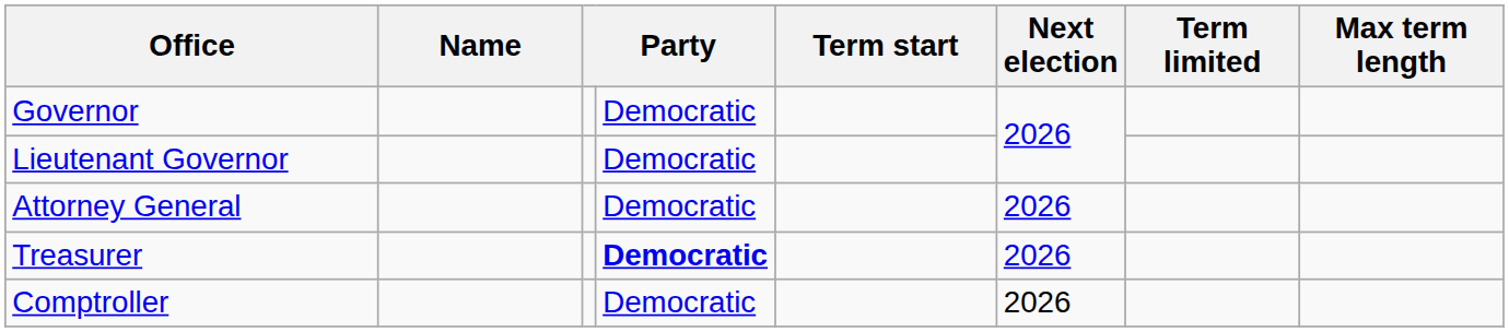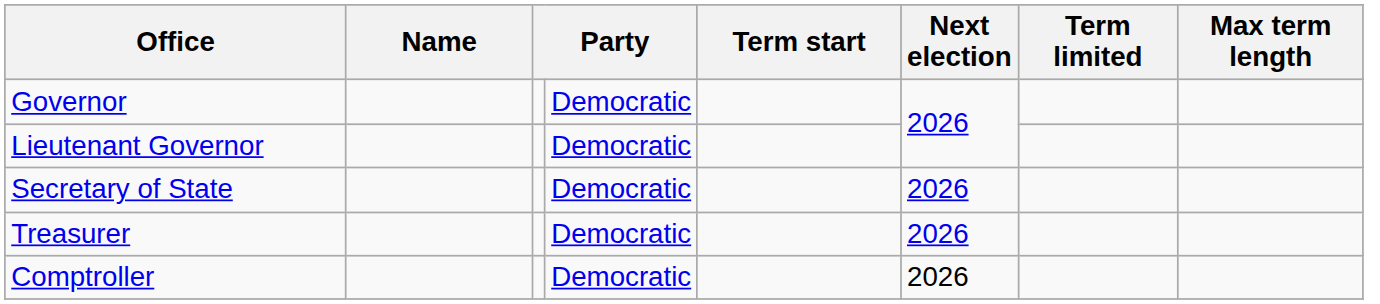 <table class="sortable wikitable">
 <tr>
 <th scope="col" width=190>Office</th>
 <th scope="col" width=100>Name</th>
 <th scope="col" width=75 colspan=2>Party</th>
 <th scope="col" width=110>Term start</th>
 <th scope="col" width=50>Next election</th>
 <th scope="col" width=85>Term limited</th>
 <th scope="col" width=100>Max term length</th>
 </tr>
 <tr>
 <td><a href='#'>Governor</a></td>
 <td></td>
 <td style="background-color:"></td>
 <td><a href='#'>Democratic</a></td>
 <td></td>
 <td rowspan=2><a href='#'>2026</a></td>
 <td></td>
 <td></td>
 </tr>
 <tr>
 <td><a href='#'>Lieutenant Governor</a></td>
 <td></td>
 <td style="background-color:"></td>
 <td><a href='#'>Democratic</a></td>
 <td></td>
 <td></td>
 <td></td>
 </tr>
 <tr>
-<td><a href='#'>Attorney General</a></td>
+<td><a href='#'>Secretary of State</a></td>
 <td></td>
 <td style="background-color:"></td>
 <td><a href='#'>Democratic</a></td>
 <td></td>
 <td><a href='#'>2026</a></td>
 <td></td>
 <td></td>
 </tr>
 <tr>
 <td><a href='#'>Treasurer</a></td>
 <td></td>
 <td style="background-color:"></td>
-<td><strong><a href='#'>Democratic</a></strong></td>
+<td><a href='#'>Democratic</a></td>
 <td></td>
 <td><a href='#'>2026</a></td>
 <td></td>
 <td></td>
 </tr>
 <tr>
 <td><a href='#'>Comptroller</a></td>
 <td></td>
 <td style="background-color:"></td>
 <td><a href='#'>Democratic</a></td>
 <td></td>
 <td>2026</td>
 <td></td>
 <td></td>
 </tr>
 </table>
